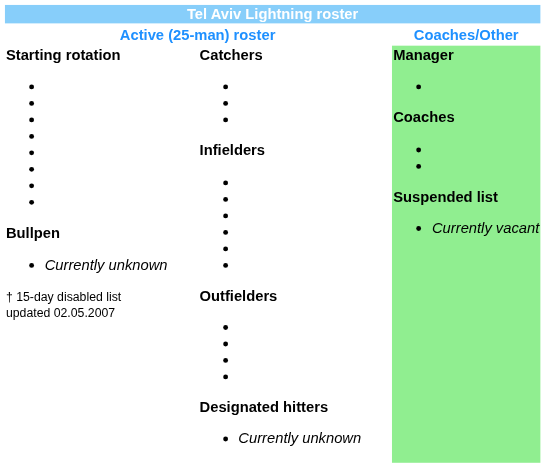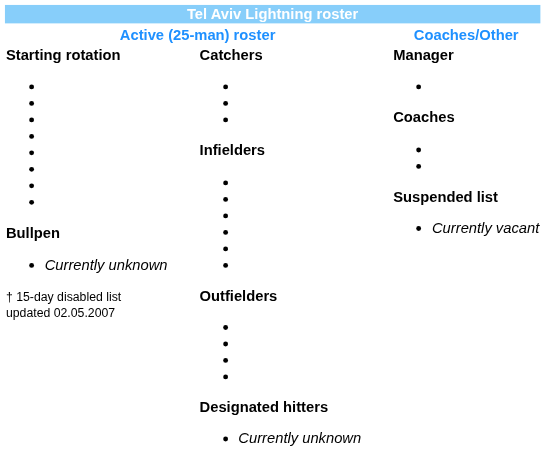 <table class="toccolours" style="font-size: 95%;">
 <tr>
 <th colspan="10" style="background-color: lightskyblue; color: white; text-align: center;">Tel Aviv Lightning roster</th>
 </tr>
 <tr>
 <td colspan="4" style="background-color: white; color: dodgerblue; text-align: center;"><strong>Active (25-man) roster</strong></td>
 <td colspan="1" style="background-color: white; color: dodgerblue; text-align: center;"><strong>Coaches/Other</strong></td>
 </tr>
 <tr>
 <td style="vertical-align:top;"><strong>Starting rotation</strong><br><ul><li></li><li></li><li></li><li></li><li></li><li></li><li></li><li></li></ul><strong>Bullpen</strong><ul><li><em>Currently unknown</em></li></ul><small>† 15-day disabled list</small><br> <small> updated 02.05.2007</small><br> <small></small></td>
 <td width="25px"></td>
 <td style="vertical-align:top;"><strong>Catchers</strong><br><ul><li></li><li></li><li></li></ul><strong>Infielders</strong><ul><li></li><li></li><li></li><li></li><li></li><li></li></ul><strong>Outfielders</strong><ul><li></li><li></li><li></li><li></li></ul><strong>Designated hitters</strong><ul><li><em>Currently unknown</em></li></ul></td>
 <td width="25px"></td>
-<td style="background: lightgreen; vertical-align:top;"><strong>Manager</strong><br><ul><li></li></ul><strong>Coaches</strong><ul><li></li><li></li></ul><strong>Suspended list</strong><ul><li><em>Currently vacant</em></li></ul></td>
+<td style="vertical-align:top;"><strong>Manager</strong><br><ul><li></li></ul><strong>Coaches</strong><ul><li></li><li></li></ul><strong>Suspended list</strong><ul><li><em>Currently vacant</em></li></ul></td>
 </tr>
 <tr>
 </tr>
 </table>
